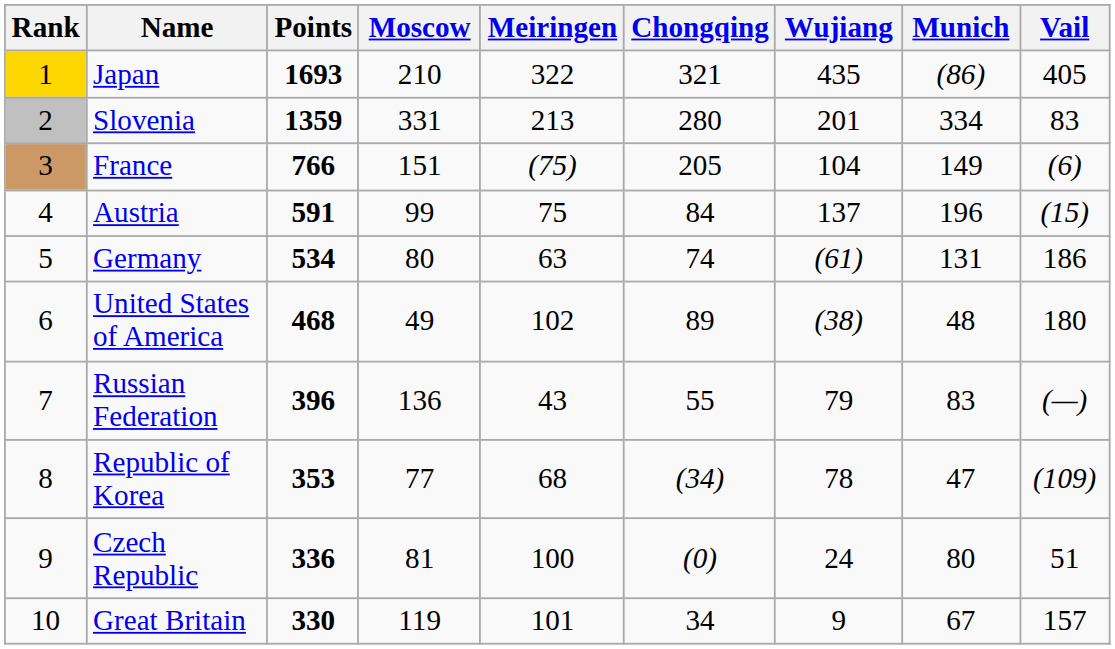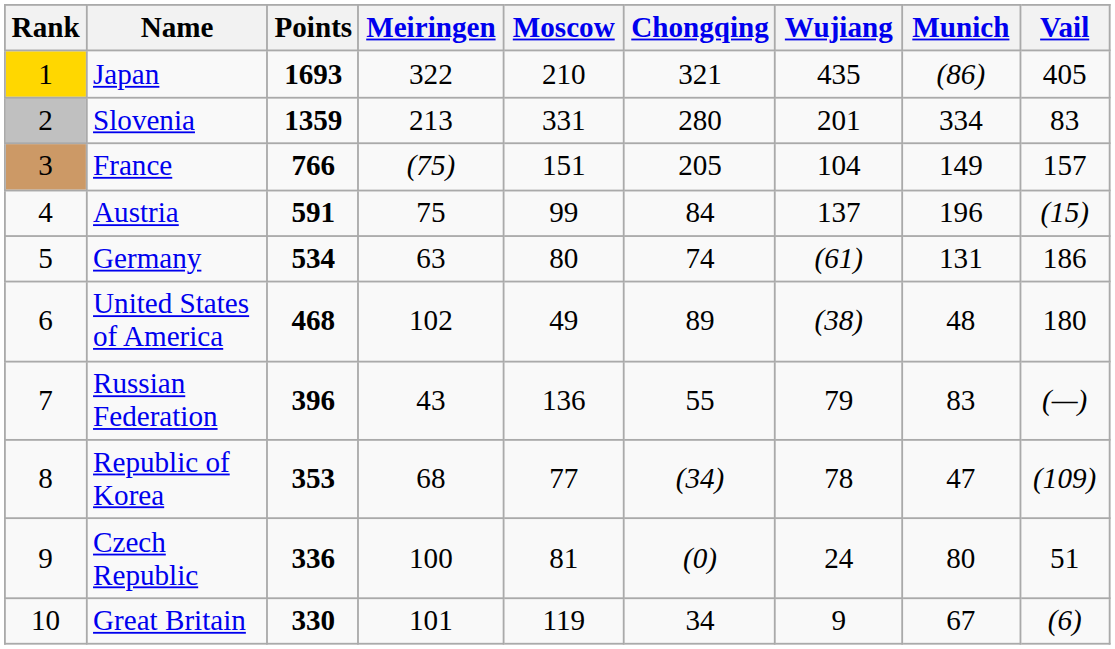 <table class="wikitable sortable">
 <tr>
 <th>Rank</th>
 <th width = "200">Name</th>
 <th>Points</th>
+<th width = "75" data-sort-type="number"><a href='#'>Meiringen</a></th>
 <th width = "75" data-sort-type="number"><a href='#'>Moscow</a></th>
-<th width = "75" data-sort-type="number"><a href='#'>Meiringen</a></th>
 <th width = "75" data-sort-type="number"><a href='#'>Chongqing</a></th>
 <th width = "75" data-sort-type="number"><a href='#'>Wujiang</a></th>
 <th width = "75" data-sort-type="number"><a href='#'>Munich</a></th>
 <th width = "75" data-sort-type="number"><a href='#'>Vail</a></th>
 </tr>
 <tr>
 <td align="center" style="background: gold">1</td>
 <td> <a href='#'>Japan</a></td>
 <td align="center"><strong>1693</strong></td>
+<td align="center">322</td>
 <td align="center">210</td>
-<td align="center">322</td>
 <td align="center">321</td>
 <td align="center">435</td>
 <td align="center"><em>(86)</em></td>
 <td align="center">405</td>
 </tr>
 <tr>
 <td align="center" style="background: silver">2</td>
 <td> <a href='#'>Slovenia</a></td>
 <td align="center"><strong>1359</strong></td>
+<td align="center">213</td>
 <td align="center">331</td>
-<td align="center">213</td>
 <td align="center">280</td>
 <td align="center">201</td>
 <td align="center">334</td>
 <td align="center">83</td>
 </tr>
 <tr>
 <td align="center" style="background: #cc9966">3</td>
 <td> <a href='#'>France</a></td>
 <td align="center"><strong>766</strong></td>
+<td align="center"><em>(75)</em></td>
 <td align="center">151</td>
-<td align="center"><em>(75)</em></td>
 <td align="center">205</td>
 <td align="center">104</td>
 <td align="center">149</td>
-<td align="center"><em>(6)</em></td>
+<td align="center">157</td>
 </tr>
 <tr>
 <td align="center">4</td>
 <td> <a href='#'>Austria</a></td>
 <td align="center"><strong>591</strong></td>
+<td align="center">75</td>
 <td align="center">99</td>
-<td align="center">75</td>
 <td align="center">84</td>
 <td align="center">137</td>
 <td align="center">196</td>
 <td align="center"><em>(15)</em></td>
 </tr>
 <tr>
 <td align="center">5</td>
 <td> <a href='#'>Germany</a></td>
 <td align="center"><strong>534</strong></td>
+<td align="center">63</td>
 <td align="center">80</td>
-<td align="center">63</td>
 <td align="center">74</td>
 <td align="center"><em>(61)</em></td>
 <td align="center">131</td>
 <td align="center">186</td>
 </tr>
 <tr>
 <td align="center">6</td>
 <td> <a href='#'>United States of America</a></td>
 <td align="center"><strong>468</strong></td>
+<td align="center">102</td>
 <td align="center">49</td>
-<td align="center">102</td>
 <td align="center">89</td>
 <td align="center"><em>(38)</em></td>
 <td align="center">48</td>
 <td align="center">180</td>
 </tr>
 <tr>
 <td align="center">7</td>
 <td> <a href='#'>Russian Federation</a></td>
 <td align="center"><strong>396</strong></td>
+<td align="center">43</td>
 <td align="center">136</td>
-<td align="center">43</td>
 <td align="center">55</td>
 <td align="center">79</td>
 <td align="center">83</td>
 <td align="center"><em>(—)</em></td>
 </tr>
 <tr>
 <td align="center">8</td>
 <td> <a href='#'>Republic of Korea</a></td>
 <td align="center"><strong>353</strong></td>
+<td align="center">68</td>
 <td align="center">77</td>
-<td align="center">68</td>
 <td align="center"><em>(34)</em></td>
 <td align="center">78</td>
 <td align="center">47</td>
 <td align="center"><em>(109)</em></td>
 </tr>
 <tr>
 <td align="center">9</td>
 <td> <a href='#'>Czech Republic</a></td>
 <td align="center"><strong>336</strong></td>
+<td align="center">100</td>
 <td align="center">81</td>
-<td align="center">100</td>
 <td align="center"><em>(0)</em></td>
 <td align="center">24</td>
 <td align="center">80</td>
 <td align="center">51</td>
 </tr>
 <tr>
 <td align="center">10</td>
 <td> <a href='#'>Great Britain</a></td>
 <td align="center"><strong>330</strong></td>
+<td align="center">101</td>
 <td align="center">119</td>
-<td align="center">101</td>
 <td align="center">34</td>
 <td align="center">9</td>
 <td align="center">67</td>
-<td align="center">157</td>
+<td align="center"><em>(6)</em></td>
 </tr>
 </table>
